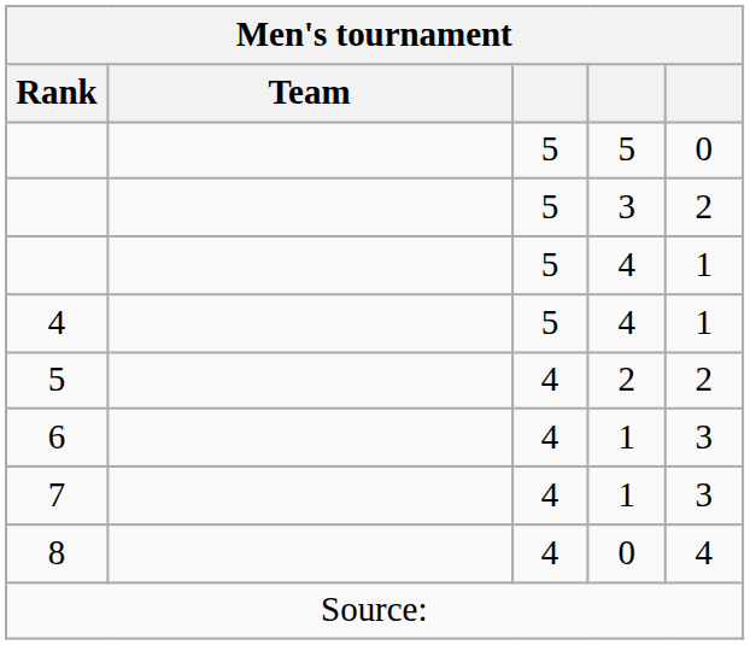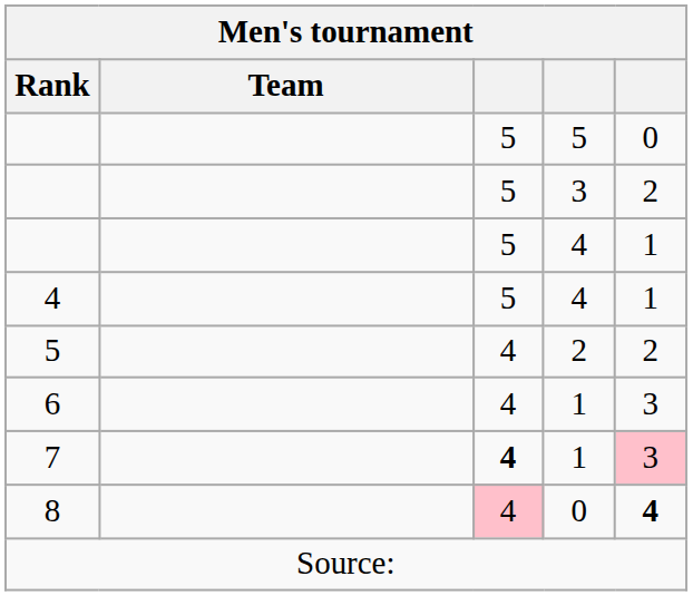 <table class="wikitable" style="text-align: center; font-size:90% ">
 <tr>
 <th colspan=9>Men's tournament</th>
 </tr>
 <tr>
 <th width=35>Rank</th>
 <th width=160>Team</th>
 <th width=25></th>
 <th width=25></th>
 <th width=25></th>
 </tr>
 <tr>
 <td></td>
 <td align=left></td>
 <td>5</td>
 <td>5</td>
 <td>0</td>
 </tr>
 <tr>
 <td></td>
 <td align=left></td>
 <td>5</td>
 <td>3</td>
 <td>2</td>
 </tr>
 <tr>
 <td></td>
 <td align=left></td>
 <td>5</td>
 <td>4</td>
 <td>1</td>
 </tr>
 <tr>
 <td>4</td>
 <td align=left></td>
 <td>5</td>
 <td>4</td>
 <td>1</td>
 </tr>
 <tr>
 <td>5</td>
 <td align=left></td>
 <td>4</td>
 <td>2</td>
 <td>2</td>
 </tr>
 <tr>
 <td>6</td>
 <td align=left></td>
 <td>4</td>
 <td>1</td>
 <td>3</td>
 </tr>
 <tr>
 <td>7</td>
 <td align=left></td>
-<td>4</td>
+<td><strong>4</strong></td>
 <td>1</td>
-<td>3</td>
+<td style="background: pink;">3</td>
 </tr>
 <tr>
 <td>8</td>
 <td align=left></td>
-<td>4</td>
+<td style="background: pink;">4</td>
 <td>0</td>
-<td>4</td>
+<td><strong>4</strong></td>
 </tr>
 <tr>
 <td colspan=5>Source: </td>
 </tr>
 </table>
